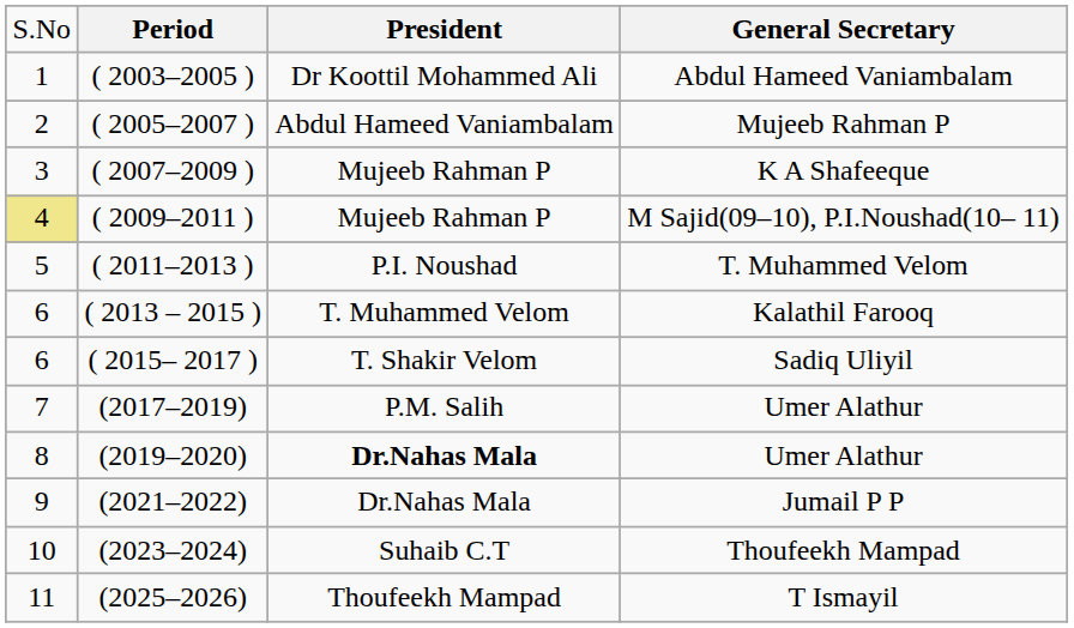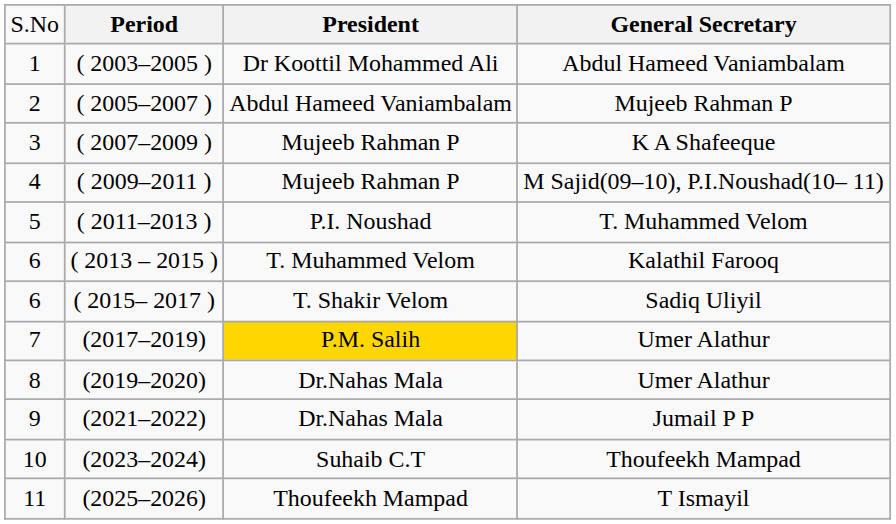 <table class="wikitable" style="text-align: center; font-size: 85%; width: auto; table-layout: fixed;">
 <tr>
 <td>S.No</td>
 <th>Period</th>
 <th>President</th>
 <th>General Secretary</th>
 </tr>
 <tr>
 <td>1</td>
 <td>( 2003–2005 )</td>
 <td>Dr Koottil Mohammed Ali</td>
 <td>Abdul Hameed Vaniambalam</td>
 </tr>
 <tr>
 <td>2</td>
 <td>( 2005–2007 )</td>
 <td>Abdul Hameed Vaniambalam</td>
 <td>Mujeeb Rahman P</td>
 </tr>
 <tr>
 <td>3</td>
 <td>( 2007–2009 )</td>
 <td>Mujeeb Rahman P</td>
 <td>K A Shafeeque</td>
 </tr>
 <tr>
-<td style="background: khaki;">4</td>
+<td>4</td>
 <td>( 2009–2011 )</td>
 <td>Mujeeb Rahman P</td>
 <td>M Sajid(09–10), P.I.Noushad(10– 11)</td>
 </tr>
 <tr>
 <td>5</td>
 <td>( 2011–2013 )</td>
 <td>P.I. Noushad</td>
 <td>T. Muhammed Velom</td>
 </tr>
 <tr>
 <td>6</td>
 <td>( 2013 – 2015 )</td>
 <td>T. Muhammed Velom</td>
 <td>Kalathil Farooq</td>
 </tr>
 <tr>
 <td>6</td>
 <td>( 2015– 2017 )</td>
 <td>T. Shakir Velom</td>
 <td>Sadiq Uliyil</td>
 </tr>
 <tr>
 <td>7</td>
 <td>(2017–2019)</td>
-<td>P.M. Salih</td>
+<td style="background: gold;">P.M. Salih</td>
 <td>Umer Alathur</td>
 </tr>
 <tr>
 <td>8</td>
 <td>(2019–2020)</td>
-<td><strong>Dr.Nahas Mala</strong></td>
+<td>Dr.Nahas Mala</td>
 <td>Umer Alathur</td>
 </tr>
 <tr>
 <td>9</td>
 <td>(2021–2022)</td>
 <td>Dr.Nahas Mala</td>
 <td>Jumail P P</td>
 </tr>
 <tr>
 <td>10</td>
 <td>(2023–2024)</td>
 <td>Suhaib C.T</td>
 <td>Thoufeekh Mampad</td>
 </tr>
 <tr>
 <td>11</td>
 <td>(2025–2026)</td>
 <td>Thoufeekh Mampad</td>
 <td>T Ismayil</td>
 </tr>
 </table>
